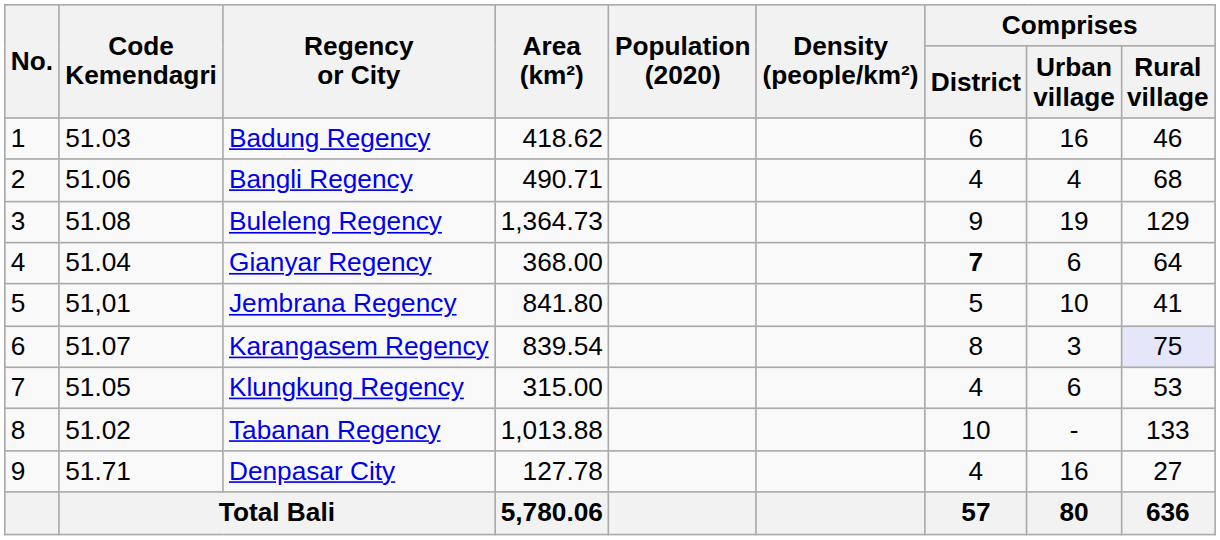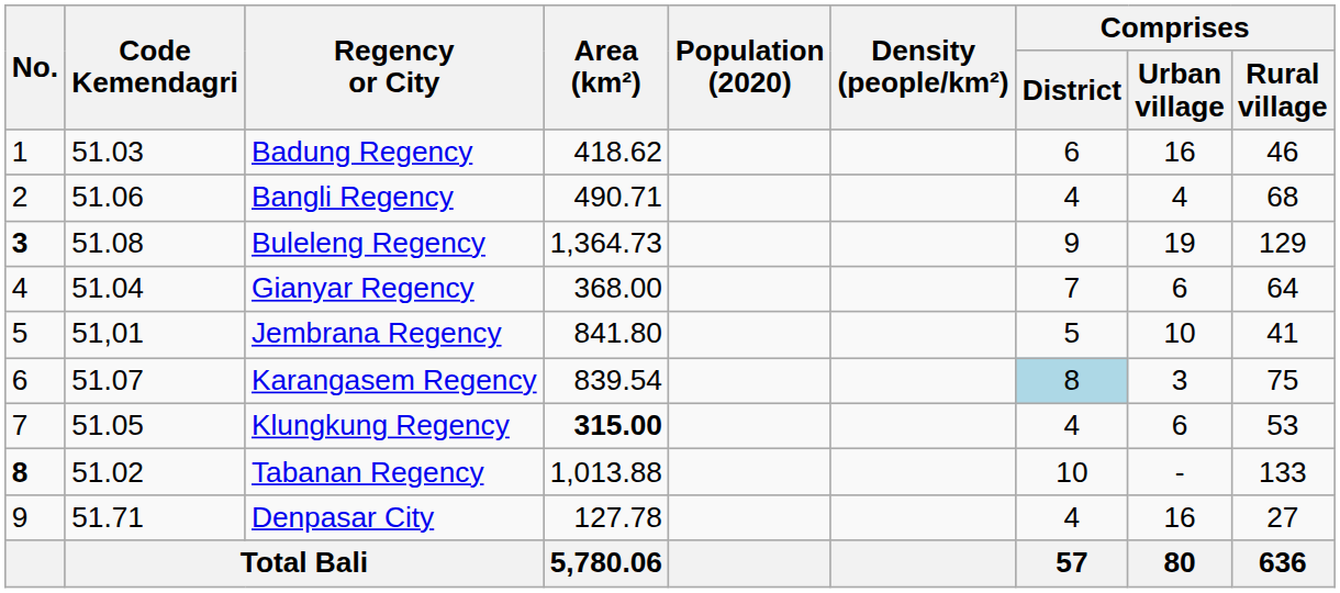 <table class="wikitable sortable">
 <tr>
 <th rowspan="2">No.</th>
 <th rowspan="2">Code <br>Kemendagri</th>
 <th rowspan="2">Regency<br> or City</th>
 <th rowspan="2">Area <br>(km²)</th>
 <th rowspan="2">Population <br>(2020)</th>
 <th rowspan="2">Density <br>(people/km²)</th>
 <th colspan="3">Comprises</th>
 </tr>
 <tr>
 <th>District</th>
 <th>Urban<br>village</th>
 <th>Rural<br>village</th>
 </tr>
 <tr>
 <td>1</td>
 <td>51.03</td>
 <td><a href='#'>Badung Regency</a></td>
 <td align="right">418.62</td>
 <td align="right"></td>
 <td align="right"></td>
 <td align="center">6</td>
 <td align="center">16</td>
 <td align="center">46</td>
 </tr>
 <tr>
 <td>2</td>
 <td>51.06</td>
 <td><a href='#'>Bangli Regency</a></td>
 <td align="right">490.71</td>
 <td align="right"></td>
 <td align="right"></td>
 <td align="center">4</td>
 <td align="center">4</td>
 <td align="center">68</td>
 </tr>
 <tr>
-<td>3</td>
+<td><strong>3</strong></td>
 <td>51.08</td>
 <td><a href='#'>Buleleng Regency</a></td>
 <td align="right">1,364.73</td>
 <td align="right"></td>
 <td align="right"></td>
 <td align="center">9</td>
 <td align="center">19</td>
 <td align="center">129</td>
 </tr>
 <tr>
 <td>4</td>
 <td>51.04</td>
 <td><a href='#'>Gianyar Regency</a></td>
 <td align="right">368.00</td>
 <td align="right"></td>
 <td align="right"></td>
-<td align="center"><strong>7</strong></td>
+<td align="center">7</td>
 <td align="center">6</td>
 <td align="center">64</td>
 </tr>
 <tr>
 <td>5</td>
 <td>51,01</td>
 <td><a href='#'>Jembrana Regency</a></td>
 <td align="right">841.80</td>
 <td align="right"></td>
 <td align="right"></td>
 <td align="center">5</td>
 <td align="center">10</td>
 <td align="center">41</td>
 </tr>
 <tr>
 <td>6</td>
 <td>51.07</td>
 <td><a href='#'>Karangasem Regency</a></td>
 <td align="right">839.54</td>
 <td align="right"></td>
 <td align="right"></td>
-<td align="center">8</td>
+<td align="center" style="background: lightblue;">8</td>
 <td align="center">3</td>
-<td align="center" style="background: lavender;">75</td>
+<td align="center">75</td>
 </tr>
 <tr>
 <td>7</td>
 <td>51.05</td>
 <td><a href='#'>Klungkung Regency</a></td>
-<td align="right">315.00</td>
+<td align="right"><strong>315.00</strong></td>
 <td align="right"></td>
 <td align="right"></td>
 <td align="center">4</td>
 <td align="center">6</td>
 <td align="center">53</td>
 </tr>
 <tr>
-<td>8</td>
+<td><strong>8</strong></td>
 <td>51.02</td>
 <td><a href='#'>Tabanan Regency</a></td>
 <td align="right">1,013.88</td>
 <td align="right"></td>
 <td align="right"></td>
 <td align="center">10</td>
 <td align="center">-</td>
 <td align="center">133</td>
 </tr>
 <tr>
 <td>9</td>
 <td>51.71</td>
 <td><a href='#'>Denpasar City</a></td>
 <td align="right">127.78</td>
 <td align="right"></td>
 <td align="right"></td>
 <td align="center">4</td>
 <td align="center">16</td>
 <td align="center">27</td>
 </tr>
 <tr>
 <th></th>
 <th colspan="2">Total Bali</th>
 <th align="right">5,780.06</th>
 <th align="right"></th>
 <th align="right"></th>
 <th align="center">57</th>
 <th align="center">80</th>
 <th align="center">636</th>
 </tr>
 </table>
